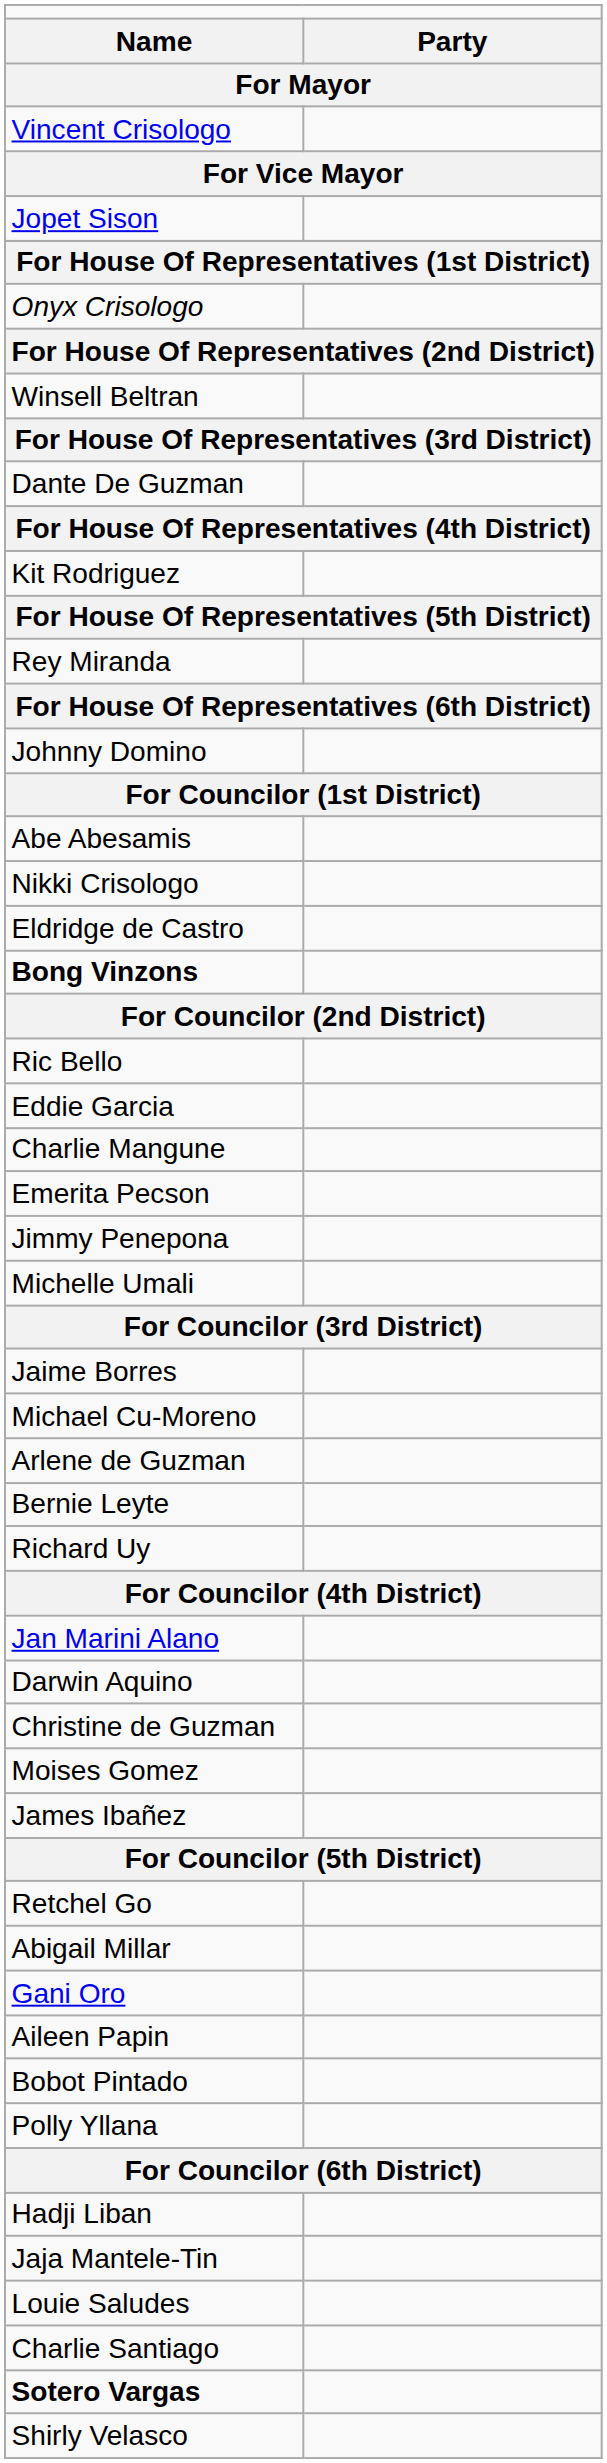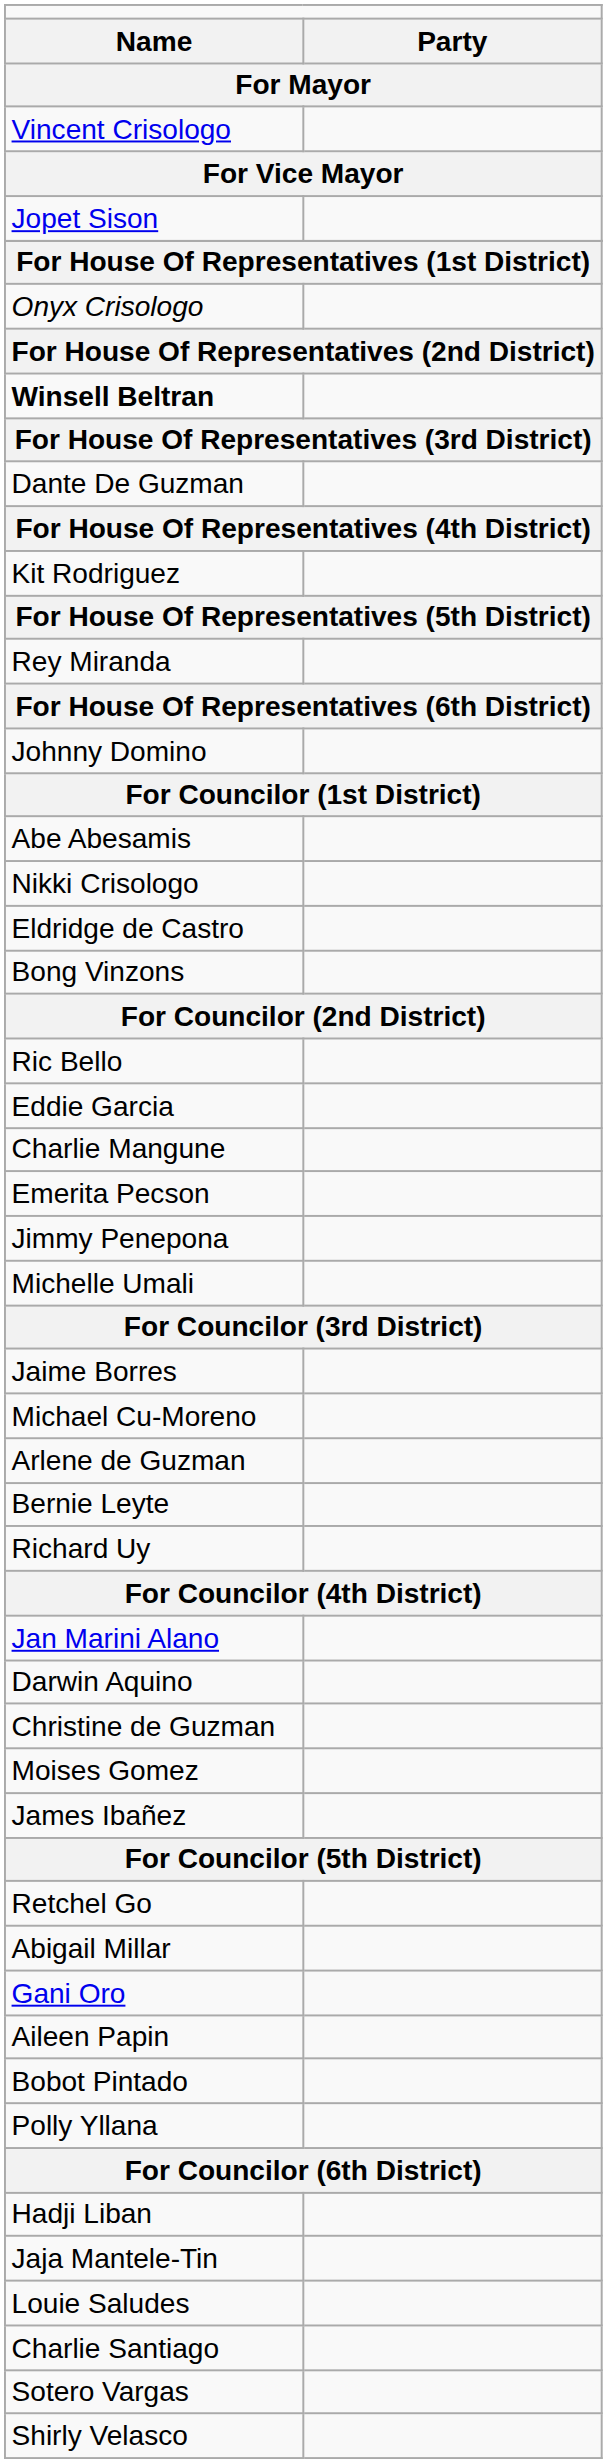 <table class=wikitable style="font-size:90%">
 <tr>
 <td colspan=4 bgcolor=></td>
 </tr>
 <tr>
 <th width=50%>Name</th>
 <th colspan=2>Party</th>
 </tr>
 <tr>
 <th colspan=3>For Mayor</th>
 </tr>
 <tr>
 <td><a href='#'>Vincent Crisologo</a></td>
 <td></td>
 </tr>
 <tr>
 <th colspan=3>For Vice Mayor</th>
 </tr>
 <tr>
 <td><a href='#'>Jopet Sison</a></td>
 <td></td>
 </tr>
 <tr>
 </tr>
 <tr>
 <th colspan=3>For House Of Representatives (1st District)</th>
 </tr>
 <tr>
 <td><em>Onyx Crisologo</em></td>
 <td></td>
 </tr>
 <tr>
 <th colspan=3>For House Of Representatives (2nd District)</th>
 </tr>
 <tr>
-<td>Winsell Beltran</td>
+<td><strong>Winsell Beltran</strong></td>
 <td></td>
 </tr>
 <tr>
 <th colspan=3>For House Of Representatives (3rd District)</th>
 </tr>
 <tr>
 <td>Dante De Guzman</td>
 <td></td>
 </tr>
 <tr>
 <th colspan=3>For House Of Representatives (4th District)</th>
 </tr>
 <tr>
 <td>Kit Rodriguez</td>
 <td></td>
 </tr>
 <tr>
 <th colspan=3>For House Of Representatives (5th District)</th>
 </tr>
 <tr>
 <td>Rey Miranda</td>
 <td></td>
 </tr>
 <tr>
 <th colspan=3>For House Of Representatives (6th District)</th>
 </tr>
 <tr>
 <td>Johnny Domino</td>
 <td></td>
 </tr>
 <tr>
 <th colspan=3>For Councilor (1st District)</th>
 </tr>
 <tr>
 <td>Abe Abesamis</td>
 <td></td>
 </tr>
 <tr>
 <td>Nikki Crisologo</td>
 <td></td>
 </tr>
 <tr>
 <td>Eldridge de Castro</td>
 <td></td>
 </tr>
 <tr>
-<td><strong>Bong Vinzons</strong></td>
+<td>Bong Vinzons</td>
 <td></td>
 </tr>
 <tr>
 <th colspan=3>For Councilor (2nd District)</th>
 </tr>
 <tr>
 <td>Ric Bello</td>
 <td></td>
 </tr>
 <tr>
 <td>Eddie Garcia</td>
 <td></td>
 </tr>
 <tr>
 <td>Charlie Mangune</td>
 <td></td>
 </tr>
 <tr>
 <td>Emerita Pecson</td>
 <td></td>
 </tr>
 <tr>
 <td>Jimmy Penepona</td>
 <td></td>
 </tr>
 <tr>
 <td>Michelle Umali</td>
 <td></td>
 </tr>
 <tr>
 <th colspan=3>For Councilor (3rd District)</th>
 </tr>
 <tr>
 <td>Jaime Borres</td>
 <td></td>
 </tr>
 <tr>
 <td>Michael Cu-Moreno</td>
 <td></td>
 </tr>
 <tr>
 <td>Arlene de Guzman</td>
 <td></td>
 </tr>
 <tr>
 <td>Bernie Leyte</td>
 <td></td>
 </tr>
 <tr>
 <td>Richard Uy</td>
 <td></td>
 </tr>
 <tr>
 <th colspan=3>For Councilor (4th District)</th>
 </tr>
 <tr>
 <td><a href='#'>Jan Marini Alano</a></td>
 <td></td>
 </tr>
 <tr>
 <td>Darwin Aquino</td>
 <td></td>
 </tr>
 <tr>
 <td>Christine de Guzman</td>
 <td></td>
 </tr>
 <tr>
 <td>Moises Gomez</td>
 <td></td>
 </tr>
 <tr>
 <td>James Ibañez</td>
 <td></td>
 </tr>
 <tr>
 <th colspan=3>For Councilor (5th District)</th>
 </tr>
 <tr>
 <td>Retchel Go</td>
 <td></td>
 </tr>
 <tr>
 <td>Abigail Millar</td>
 <td></td>
 </tr>
 <tr>
 <td><a href='#'>Gani Oro</a></td>
 <td></td>
 </tr>
 <tr>
 <td>Aileen Papin</td>
 <td></td>
 </tr>
 <tr>
 <td>Bobot Pintado</td>
 <td></td>
 </tr>
 <tr>
 <td>Polly Yllana</td>
 <td></td>
 </tr>
 <tr>
 <th colspan=3>For Councilor (6th District)</th>
 </tr>
 <tr>
 <td>Hadji Liban</td>
 <td></td>
 </tr>
 <tr>
 <td>Jaja Mantele-Tin</td>
 <td></td>
 </tr>
 <tr>
 <td>Louie Saludes</td>
 <td></td>
 </tr>
 <tr>
 <td>Charlie Santiago</td>
 <td></td>
 </tr>
 <tr>
-<td><strong>Sotero Vargas</strong></td>
+<td>Sotero Vargas</td>
 <td></td>
 </tr>
 <tr>
 <td>Shirly Velasco</td>
 <td></td>
 </tr>
 </table>
